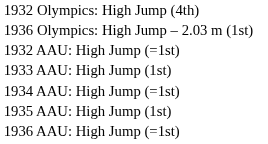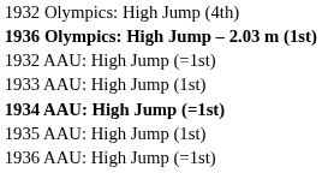 <table>
 <tr>
 <td>1932 Olympics: High Jump (4th)</td>
 </tr>
 <tr>
-<td>1936 Olympics: High Jump – 2.03 m (1st)</td>
+<td><strong>1936 Olympics: High Jump – 2.03 m (1st)</strong></td>
 </tr>
 <tr>
 <td>1932 AAU: High Jump (=1st)</td>
 </tr>
 <tr>
 <td>1933 AAU: High Jump (1st)</td>
 </tr>
 <tr>
-<td>1934 AAU: High Jump (=1st)</td>
+<td><strong>1934 AAU: High Jump (=1st)</strong></td>
 </tr>
 <tr>
 <td>1935 AAU: High Jump (1st)</td>
 </tr>
 <tr>
 <td>1936 AAU: High Jump (=1st)</td>
 </tr>
 </table>
